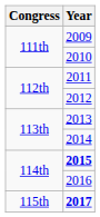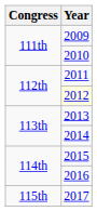 <table class="wikitable" align="right" style="margin-left:1em; text-align:center">
 <tr>
 <th>Congress</th>
 <th>Year</th>
 </tr>
 <tr>
 <td rowspan=2><a href='#'>111th</a></td>
 <td><a href='#'>2009</a></td>
 </tr>
 <tr>
 <td><a href='#'>2010</a></td>
 </tr>
 <tr>
 <td rowspan=2><a href='#'>112th</a></td>
 <td><a href='#'>2011</a></td>
 </tr>
 <tr>
-<td><a href='#'>2012</a></td>
+<td style="background: lightyellow;"><a href='#'>2012</a></td>
 </tr>
 <tr>
 <td rowspan=2><a href='#'>113th</a></td>
 <td><a href='#'>2013</a></td>
 </tr>
 <tr>
 <td><a href='#'>2014</a></td>
 </tr>
 <tr>
 <td rowspan=2><a href='#'>114th</a></td>
-<td><strong><a href='#'>2015</a></strong></td>
+<td><a href='#'>2015</a></td>
 </tr>
 <tr>
 <td><a href='#'>2016</a></td>
 </tr>
 <tr>
 <td rowspan=2><a href='#'>115th</a></td>
-<td><strong><a href='#'>2017</a></strong></td>
+<td><a href='#'>2017</a></td>
 </tr>
 </table>
